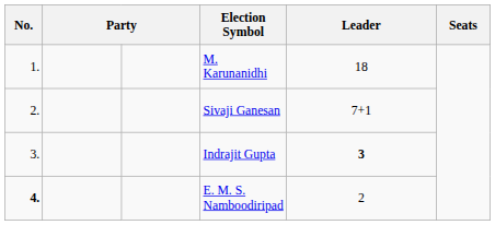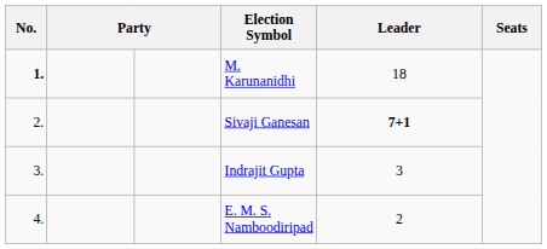 <table class="wikitable">
 <tr style="height: 50px;">
 <th scope="col" style="width:40px;">No.<br></th>
 <th scope="col" style="width:300px;" colspan="2">Party</th>
 <th scope="col" style="width:80px;">Election Symbol</th>
 <th scope="col" style="width:180px;">Leader</th>
 <th scope="col" style="width:60px;">Seats</th>
 </tr>
 <tr style="height: 55px;">
-<td style="text-align:right;">1.</td>
+<td style="text-align:right;"><strong>1.</strong></td>
 <td></td>
 <td style="text-align:center;"></td>
 <td><a href='#'>M. Karunanidhi</a></td>
 <td style="text-align:center;">18</td>
 </tr>
 <tr style="height: 55px;">
 <td style="text-align:right;">2.</td>
 <td></td>
 <td style="text-align:center;"></td>
 <td><a href='#'>Sivaji Ganesan</a></td>
-<td style="text-align:center;">7+1</td>
+<td style="text-align:center;"><strong>7+1</strong></td>
 </tr>
 <tr style="height: 55px;">
 <td style="text-align:right;">3.</td>
 <td></td>
 <td style="text-align:center;"></td>
 <td><a href='#'>Indrajit Gupta</a></td>
-<td style="text-align:center;"><strong>3</strong></td>
+<td style="text-align:center;">3</td>
 </tr>
 <tr style="height: 55px;">
-<td style="text-align:right;"><strong>4.</strong></td>
+<td style="text-align:right;">4.</td>
 <td></td>
 <td style="text-align:center;"></td>
 <td><a href='#'>E. M. S. Namboodiripad</a></td>
 <td style="text-align:center;">2</td>
 </tr>
 </table>
